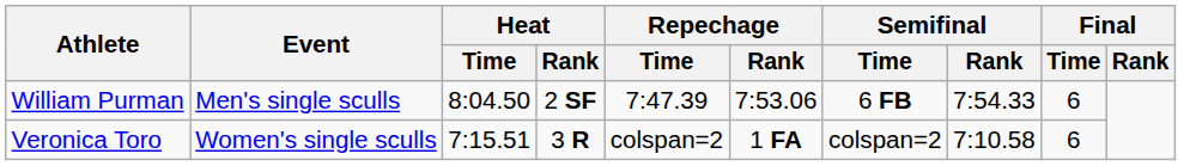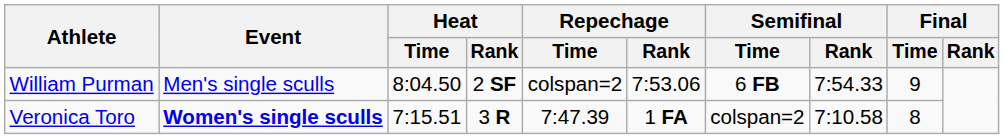 <table class=wikitable style=font-size:90%;text-align:center>
 <tr>
 <th rowspan=2>Athlete</th>
 <th rowspan=2>Event</th>
 <th colspan=2>Heat</th>
 <th colspan=2>Repechage</th>
 <th colspan=2>Semifinal</th>
 <th colspan=2>Final</th>
 </tr>
 <tr style=font-size:95%>
 <th>Time</th>
 <th>Rank</th>
 <th>Time</th>
 <th>Rank</th>
 <th>Time</th>
 <th>Rank</th>
 <th>Time</th>
 <th>Rank</th>
 </tr>
 <tr>
 <td style="text-align:left"><a href='#'>William Purman</a></td>
 <td style="text-align:left"><a href='#'>Men's single sculls</a></td>
 <td>8:04.50</td>
 <td>2 <strong>SF</strong></td>
-<td>7:47.39</td>
+<td>colspan=2 </td>
 <td>7:53.06</td>
 <td>6 <strong>FB</strong></td>
 <td>7:54.33</td>
-<td>6</td>
+<td>9</td>
 </tr>
 <tr align=center>
 <td style="text-align:left"><a href='#'>Veronica Toro</a></td>
-<td style="text-align:left"><a href='#'>Women's single sculls</a></td>
+<td style="text-align:left"><strong><a href='#'>Women's single sculls</a></strong></td>
 <td>7:15.51</td>
 <td>3 <strong>R</strong></td>
-<td>colspan=2 </td>
+<td>7:47.39</td>
 <td>1 <strong>FA</strong></td>
 <td>colspan=2 </td>
 <td>7:10.58</td>
-<td>6</td>
+<td>8</td>
 </tr>
 </table>
